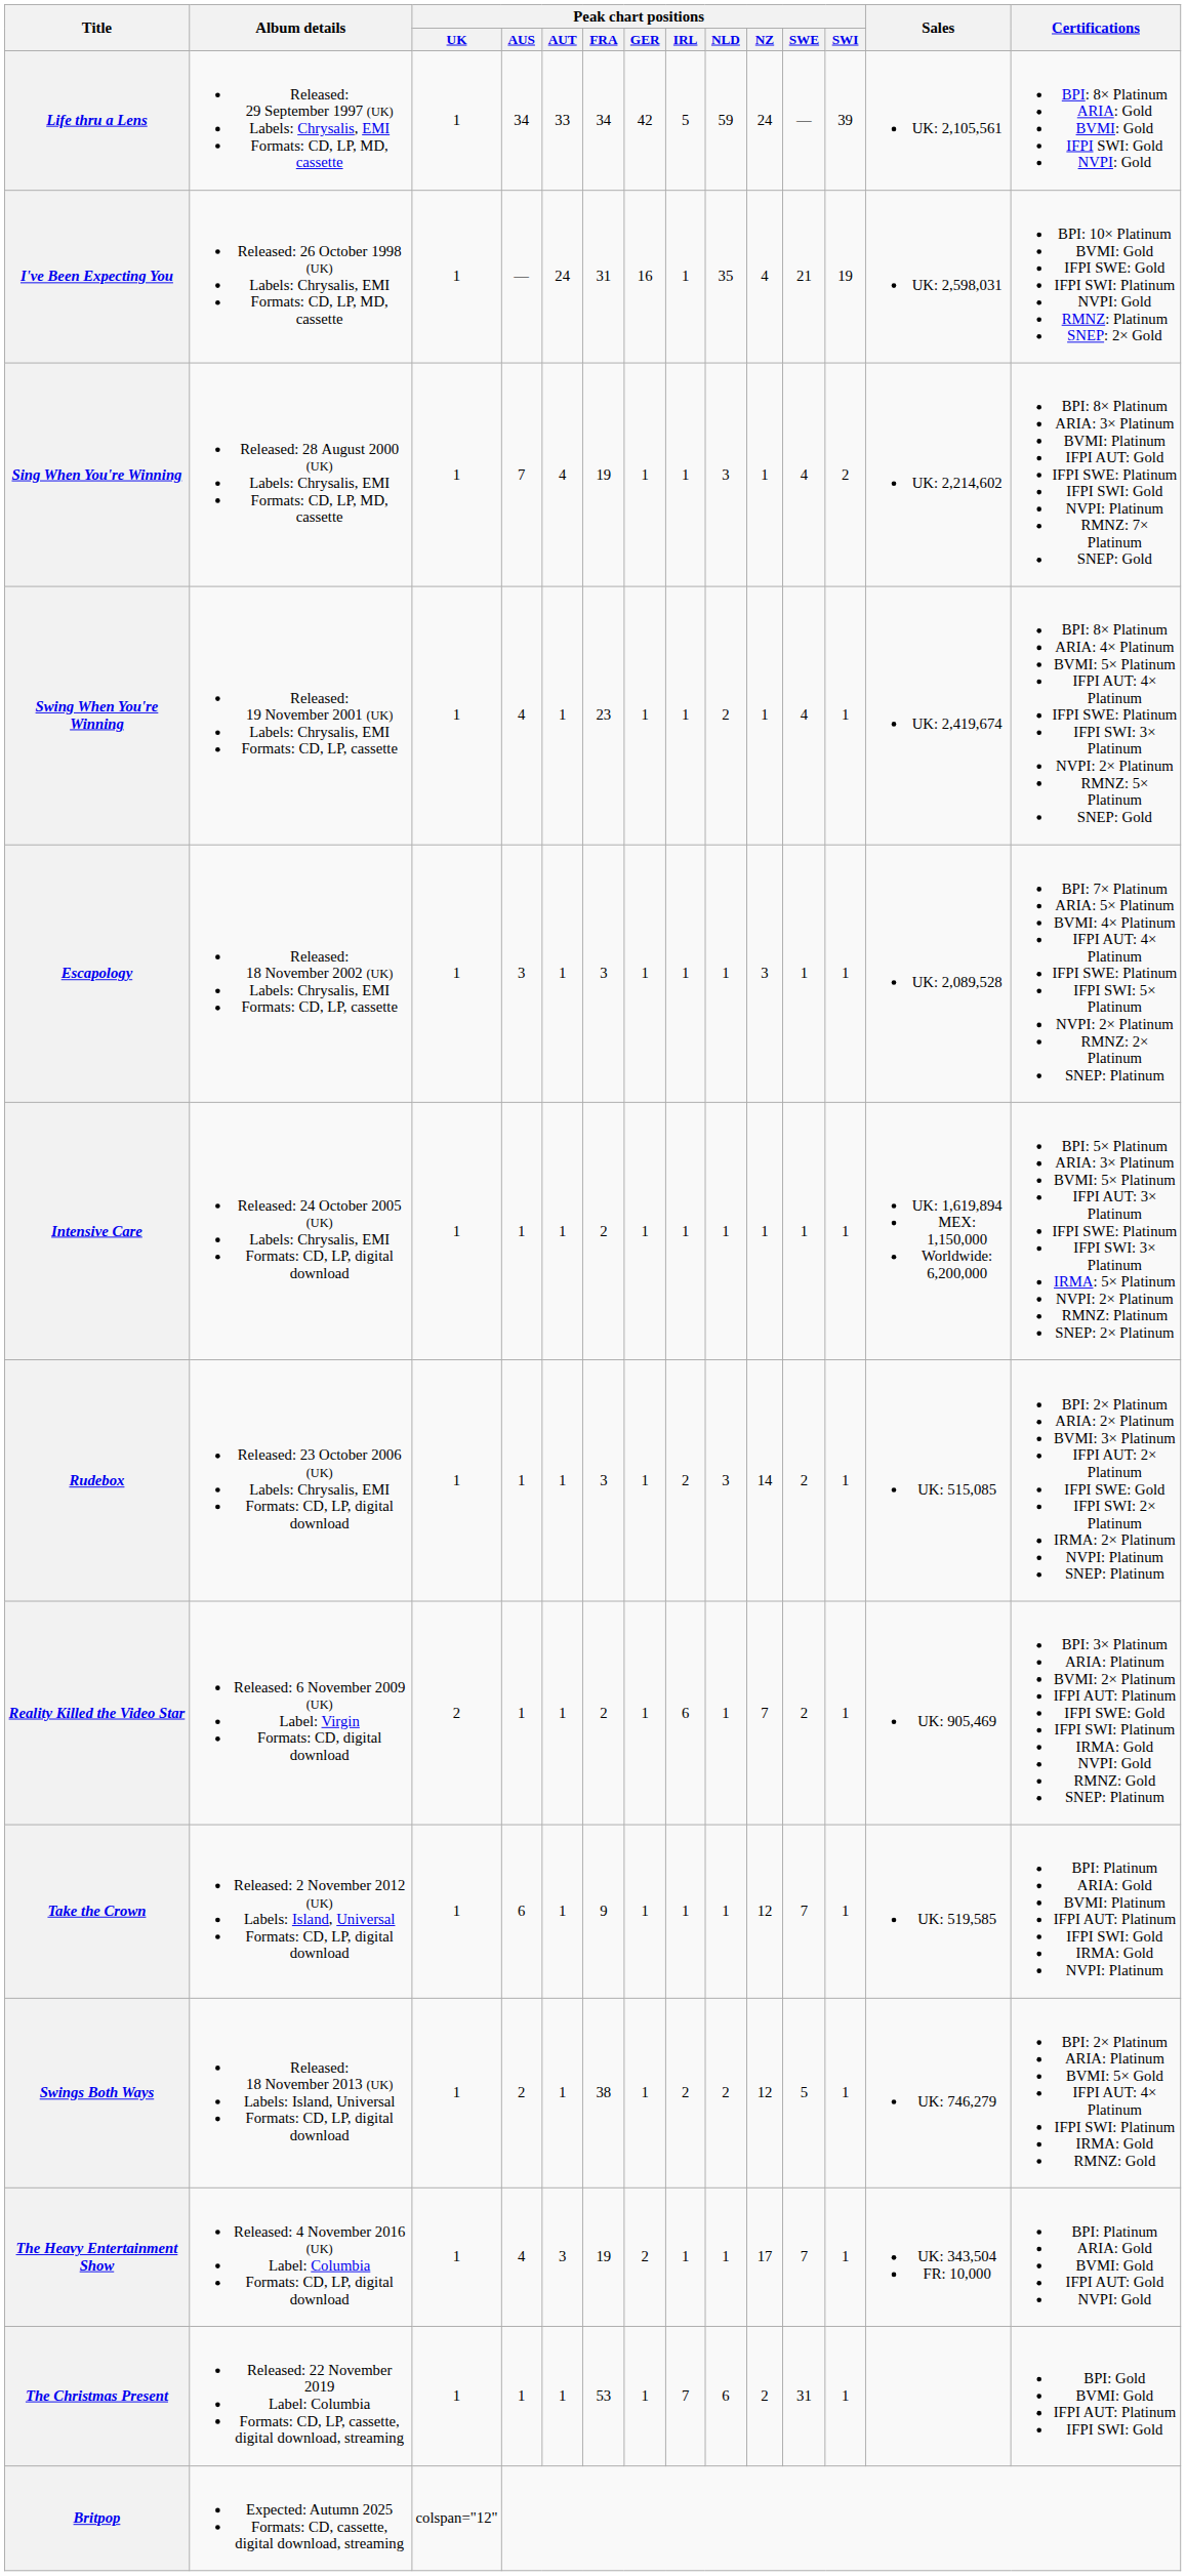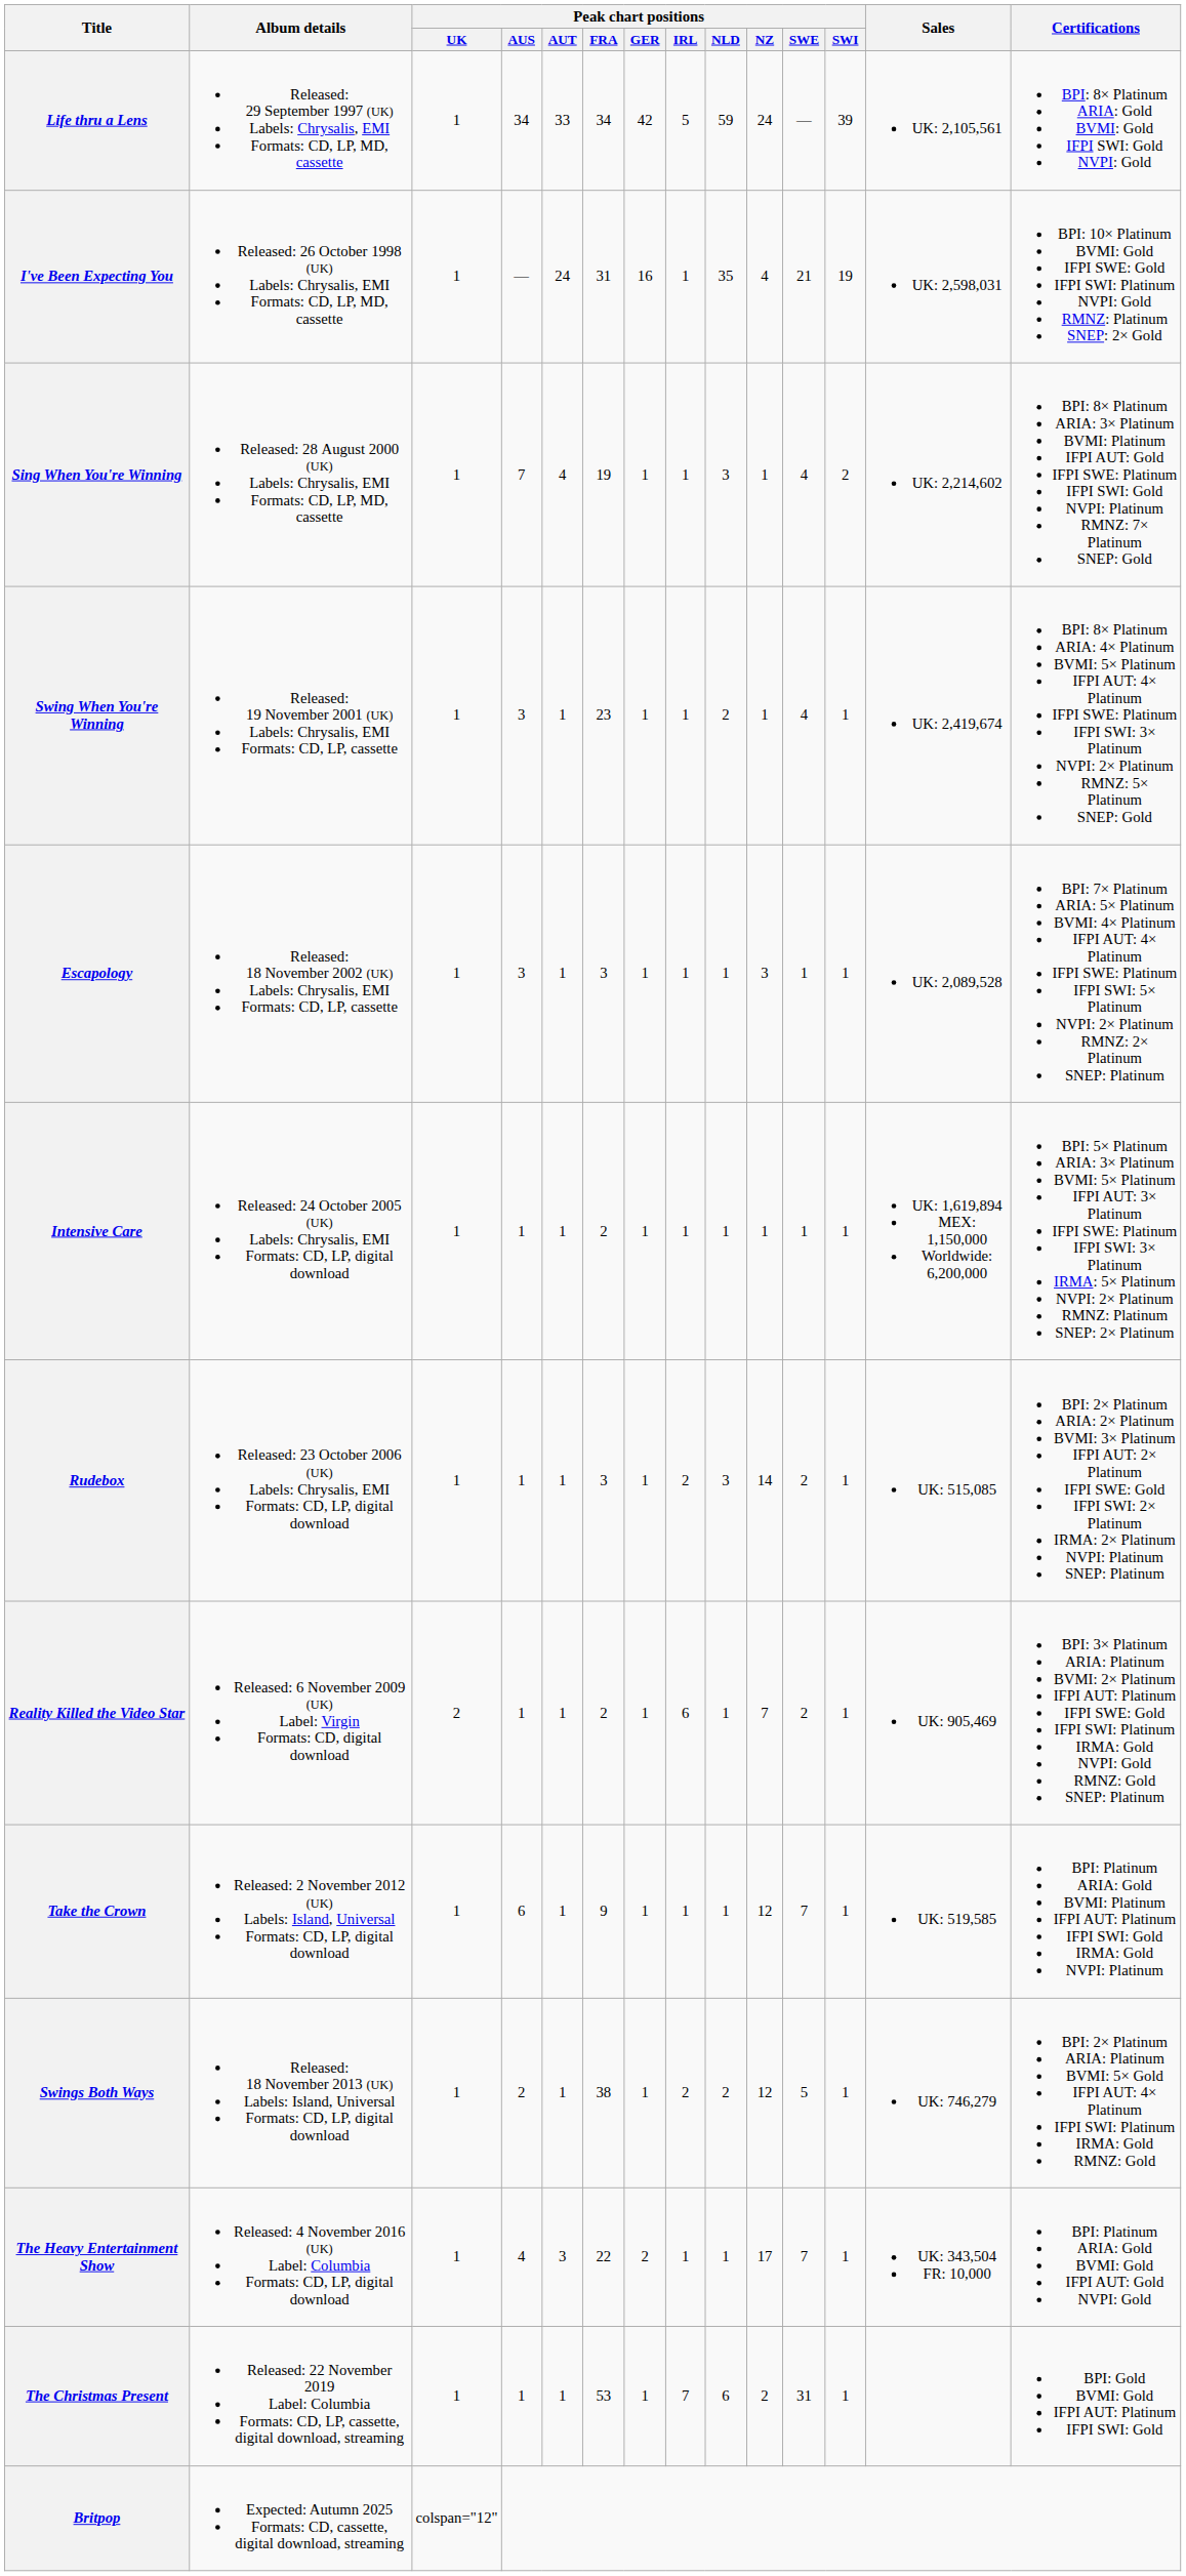 <table class="wikitable plainrowheaders" style="text-align:center;" border="1">
 <tr>
 <th scope="col" rowspan="2" style="width:17em;">Title</th>
 <th scope="col" rowspan="2" style="width:18em;">Album details</th>
 <th scope="col" colspan="10">Peak chart positions</th>
 <th scope="col" rowspan="2" style="width:11em;">Sales</th>
 <th scope="col" rowspan="2" style="width:15em;"><a href='#'>Certifications</a></th>
 </tr>
 <tr>
 <th scope="col" style="width:3em;font-size:90%;"><a href='#'>UK</a><br></th>
 <th scope="col" style="width:3em;font-size:90%;"><a href='#'>AUS</a><br></th>
 <th scope="col" style="width:3em;font-size:90%;"><a href='#'>AUT</a><br></th>
 <th scope="col" style="width:3em;font-size:90%;"><a href='#'>FRA</a><br></th>
 <th scope="col" style="width:3em;font-size:90%;"><a href='#'>GER</a><br></th>
 <th scope="col" style="width:3em;font-size:90%;"><a href='#'>IRL</a><br></th>
 <th scope="col" style="width:3em;font-size:90%;"><a href='#'>NLD</a><br></th>
 <th scope="col" style="width:3em;font-size:90%;"><a href='#'>NZ</a><br></th>
 <th scope="col" style="width:3em;font-size:90%;"><a href='#'>SWE</a><br></th>
 <th scope="col" style="width:3em;font-size:90%;"><a href='#'>SWI</a><br></th>
 </tr>
 <tr>
 <th scope="row"><em><a href='#'>Life thru a Lens</a></em></th>
 <td><br><ul><li>Released: 29 September 1997 <small>(UK)</small></li><li>Labels: <a href='#'>Chrysalis</a>, <a href='#'>EMI</a></li><li>Formats: CD, LP, MD, <a href='#'>cassette</a></li></ul></td>
 <td>1</td>
 <td>34</td>
 <td>33</td>
 <td>34</td>
 <td>42</td>
 <td>5</td>
 <td>59</td>
 <td>24</td>
 <td>—</td>
 <td>39</td>
 <td><br><ul><li>UK: 2,105,561</li></ul></td>
 <td><br><ul><li><a href='#'>BPI</a>: 8× Platinum</li><li><a href='#'>ARIA</a>: Gold</li><li><a href='#'>BVMI</a>: Gold</li><li><a href='#'>IFPI</a> SWI: Gold</li><li><a href='#'>NVPI</a>: Gold</li></ul></td>
 </tr>
 <tr>
 <th scope="row"><em><a href='#'>I've Been Expecting You</a></em></th>
 <td><br><ul><li>Released: 26 October 1998 <small>(UK)</small></li><li>Labels: Chrysalis, EMI</li><li>Formats: CD, LP, MD, cassette</li></ul></td>
 <td>1</td>
 <td>—</td>
 <td>24</td>
 <td>31</td>
 <td>16</td>
 <td>1</td>
 <td>35</td>
 <td>4</td>
 <td>21</td>
 <td>19</td>
 <td><br><ul><li>UK: 2,598,031</li></ul></td>
 <td><br><ul><li>BPI: 10× Platinum</li><li>BVMI: Gold</li><li>IFPI SWE: Gold</li><li>IFPI SWI: Platinum</li><li>NVPI: Gold</li><li><a href='#'>RMNZ</a>: Platinum</li><li><a href='#'>SNEP</a>: 2× Gold</li></ul></td>
 </tr>
 <tr>
 <th scope="row"><em><a href='#'>Sing When You're Winning</a></em></th>
 <td><br><ul><li>Released: 28 August 2000 <small>(UK)</small></li><li>Labels: Chrysalis, EMI</li><li>Formats: CD, LP, MD, cassette</li></ul></td>
 <td>1</td>
 <td>7</td>
 <td>4</td>
 <td>19</td>
 <td>1</td>
 <td>1</td>
 <td>3</td>
 <td>1</td>
 <td>4</td>
 <td>2</td>
 <td><br><ul><li>UK: 2,214,602</li></ul></td>
 <td><br><ul><li>BPI: 8× Platinum</li><li>ARIA: 3× Platinum</li><li>BVMI: Platinum</li><li>IFPI AUT: Gold</li><li>IFPI SWE: Platinum</li><li>IFPI SWI: Gold</li><li>NVPI: Platinum</li><li>RMNZ: 7× Platinum</li><li>SNEP: Gold</li></ul></td>
 </tr>
 <tr>
 <th scope="row"><em><a href='#'>Swing When You're Winning</a></em></th>
 <td><br><ul><li>Released: 19 November 2001 <small>(UK)</small></li><li>Labels: Chrysalis, EMI</li><li>Formats: CD, LP, cassette</li></ul></td>
 <td>1</td>
-<td>4</td>
+<td>3</td>
 <td>1</td>
 <td>23</td>
 <td>1</td>
 <td>1</td>
 <td>2</td>
 <td>1</td>
 <td>4</td>
 <td>1</td>
 <td><br><ul><li>UK: 2,419,674</li></ul></td>
 <td><br><ul><li>BPI: 8× Platinum</li><li>ARIA: 4× Platinum</li><li>BVMI: 5× Platinum</li><li>IFPI AUT: 4× Platinum</li><li>IFPI SWE: Platinum</li><li>IFPI SWI: 3× Platinum</li><li>NVPI: 2× Platinum</li><li>RMNZ: 5× Platinum</li><li>SNEP: Gold</li></ul></td>
 </tr>
 <tr>
 <th scope="row"><em><a href='#'>Escapology</a></em></th>
 <td><br><ul><li>Released: 18 November 2002 <small>(UK)</small></li><li>Labels: Chrysalis, EMI</li><li>Formats: CD, LP, cassette</li></ul></td>
 <td>1</td>
 <td>3</td>
 <td>1</td>
 <td>3</td>
 <td>1</td>
 <td>1</td>
 <td>1</td>
 <td>3</td>
 <td>1</td>
 <td>1</td>
 <td><br><ul><li>UK: 2,089,528</li></ul></td>
 <td><br><ul><li>BPI: 7× Platinum</li><li>ARIA: 5× Platinum</li><li>BVMI: 4× Platinum</li><li>IFPI AUT: 4× Platinum</li><li>IFPI SWE: Platinum</li><li>IFPI SWI: 5× Platinum</li><li>NVPI: 2× Platinum</li><li>RMNZ: 2× Platinum</li><li>SNEP: Platinum</li></ul></td>
 </tr>
 <tr>
 <th scope="row"><em><a href='#'>Intensive Care</a></em></th>
 <td><br><ul><li>Released: 24 October 2005 <small>(UK)</small></li><li>Labels: Chrysalis, EMI</li><li>Formats: CD, LP, digital download</li></ul></td>
 <td>1</td>
 <td>1</td>
 <td>1</td>
 <td>2</td>
 <td>1</td>
 <td>1</td>
 <td>1</td>
 <td>1</td>
 <td>1</td>
 <td>1</td>
 <td><br><ul><li>UK: 1,619,894</li><li>MEX: 1,150,000</li><li>Worldwide: 6,200,000</li></ul></td>
 <td><br><ul><li>BPI: 5× Platinum</li><li>ARIA: 3× Platinum</li><li>BVMI: 5× Platinum</li><li>IFPI AUT: 3× Platinum</li><li>IFPI SWE: Platinum</li><li>IFPI SWI: 3× Platinum</li><li><a href='#'>IRMA</a>: 5× Platinum</li><li>NVPI: 2× Platinum</li><li>RMNZ: Platinum</li><li>SNEP: 2× Platinum</li></ul></td>
 </tr>
 <tr>
 <th scope="row"><em><a href='#'>Rudebox</a></em></th>
 <td><br><ul><li>Released: 23 October 2006 <small>(UK)</small></li><li>Labels: Chrysalis, EMI</li><li>Formats: CD, LP, digital download</li></ul></td>
 <td>1</td>
 <td>1</td>
 <td>1</td>
 <td>3</td>
 <td>1</td>
 <td>2</td>
 <td>3</td>
 <td>14</td>
 <td>2</td>
 <td>1</td>
 <td><br><ul><li>UK: 515,085</li></ul></td>
 <td><br><ul><li>BPI: 2× Platinum</li><li>ARIA: 2× Platinum</li><li>BVMI: 3× Platinum</li><li>IFPI AUT: 2× Platinum</li><li>IFPI SWE: Gold</li><li>IFPI SWI: 2× Platinum</li><li>IRMA: 2× Platinum</li><li>NVPI: Platinum</li><li>SNEP: Platinum</li></ul></td>
 </tr>
 <tr>
 <th scope="row"><em><a href='#'>Reality Killed the Video Star</a></em></th>
 <td><br><ul><li>Released: 6 November 2009 <small>(UK)</small></li><li>Label: <a href='#'>Virgin</a></li><li>Formats: CD, digital download</li></ul></td>
 <td>2</td>
 <td>1</td>
 <td>1</td>
 <td>2</td>
 <td>1</td>
 <td>6</td>
 <td>1</td>
 <td>7</td>
 <td>2</td>
 <td>1</td>
 <td><br><ul><li>UK: 905,469</li></ul></td>
 <td><br><ul><li>BPI: 3× Platinum</li><li>ARIA: Platinum</li><li>BVMI: 2× Platinum</li><li>IFPI AUT: Platinum</li><li>IFPI SWE: Gold</li><li>IFPI SWI: Platinum</li><li>IRMA: Gold</li><li>NVPI: Gold</li><li>RMNZ: Gold</li><li>SNEP: Platinum</li></ul></td>
 </tr>
 <tr>
 <th scope="row"><em><a href='#'>Take the Crown</a></em></th>
 <td><br><ul><li>Released: 2 November 2012 <small>(UK)</small></li><li>Labels: <a href='#'>Island</a>, <a href='#'>Universal</a></li><li>Formats: CD, LP, digital download</li></ul></td>
 <td>1</td>
 <td>6</td>
 <td>1</td>
 <td>9</td>
 <td>1</td>
 <td>1</td>
 <td>1</td>
 <td>12</td>
 <td>7</td>
 <td>1</td>
 <td><br><ul><li>UK: 519,585</li></ul></td>
 <td><br><ul><li>BPI: Platinum</li><li>ARIA: Gold</li><li>BVMI: Platinum</li><li>IFPI AUT: Platinum</li><li>IFPI SWI: Gold</li><li>IRMA: Gold</li><li>NVPI: Platinum</li></ul></td>
 </tr>
 <tr>
 <th scope="row"><em><a href='#'>Swings Both Ways</a></em></th>
 <td><br><ul><li>Released: 18 November 2013 <small>(UK)</small></li><li>Labels: Island, Universal</li><li>Formats: CD, LP, digital download</li></ul></td>
 <td>1</td>
 <td>2</td>
 <td>1</td>
 <td>38</td>
 <td>1</td>
 <td>2</td>
 <td>2</td>
 <td>12</td>
 <td>5</td>
 <td>1</td>
 <td><br><ul><li>UK: 746,279</li></ul></td>
 <td><br><ul><li>BPI: 2× Platinum</li><li>ARIA: Platinum</li><li>BVMI: 5× Gold</li><li>IFPI AUT: 4× Platinum</li><li>IFPI SWI: Platinum</li><li>IRMA: Gold</li><li>RMNZ: Gold</li></ul></td>
 </tr>
 <tr>
 <th scope="row"><em><a href='#'>The Heavy Entertainment Show</a></em></th>
 <td><br><ul><li>Released: 4 November 2016 <small>(UK)</small></li><li>Label: <a href='#'>Columbia</a></li><li>Formats: CD, LP, digital download</li></ul></td>
 <td>1</td>
 <td>4</td>
 <td>3</td>
-<td>19</td>
+<td>22</td>
 <td>2</td>
 <td>1</td>
 <td>1</td>
 <td>17</td>
 <td>7</td>
 <td>1</td>
 <td><br><ul><li>UK: 343,504</li><li>FR: 10,000</li></ul></td>
 <td><br><ul><li>BPI: Platinum</li><li>ARIA: Gold</li><li>BVMI: Gold</li><li>IFPI AUT: Gold</li><li>NVPI: Gold</li></ul></td>
 </tr>
 <tr>
 <th scope="row"><em><a href='#'>The Christmas Present</a></em></th>
 <td><br><ul><li>Released: 22 November 2019</li><li>Label: Columbia</li><li>Formats: CD, LP, cassette, digital download, streaming</li></ul></td>
 <td>1</td>
 <td>1</td>
 <td>1</td>
 <td>53</td>
 <td>1</td>
 <td>7</td>
 <td>6</td>
 <td>2</td>
 <td>31</td>
 <td>1</td>
 <td></td>
 <td><br><ul><li>BPI: Gold</li><li>BVMI: Gold</li><li>IFPI AUT: Platinum</li><li>IFPI SWI: Gold</li></ul></td>
 </tr>
 <tr>
 <th scope="row"><em><a href='#'>Britpop</a></em></th>
 <td><br><ul><li>Expected: Autumn 2025</li><li>Formats: CD, cassette, digital download, streaming</li></ul></td>
 <td>colspan="12" </td>
 </tr>
 </table>
